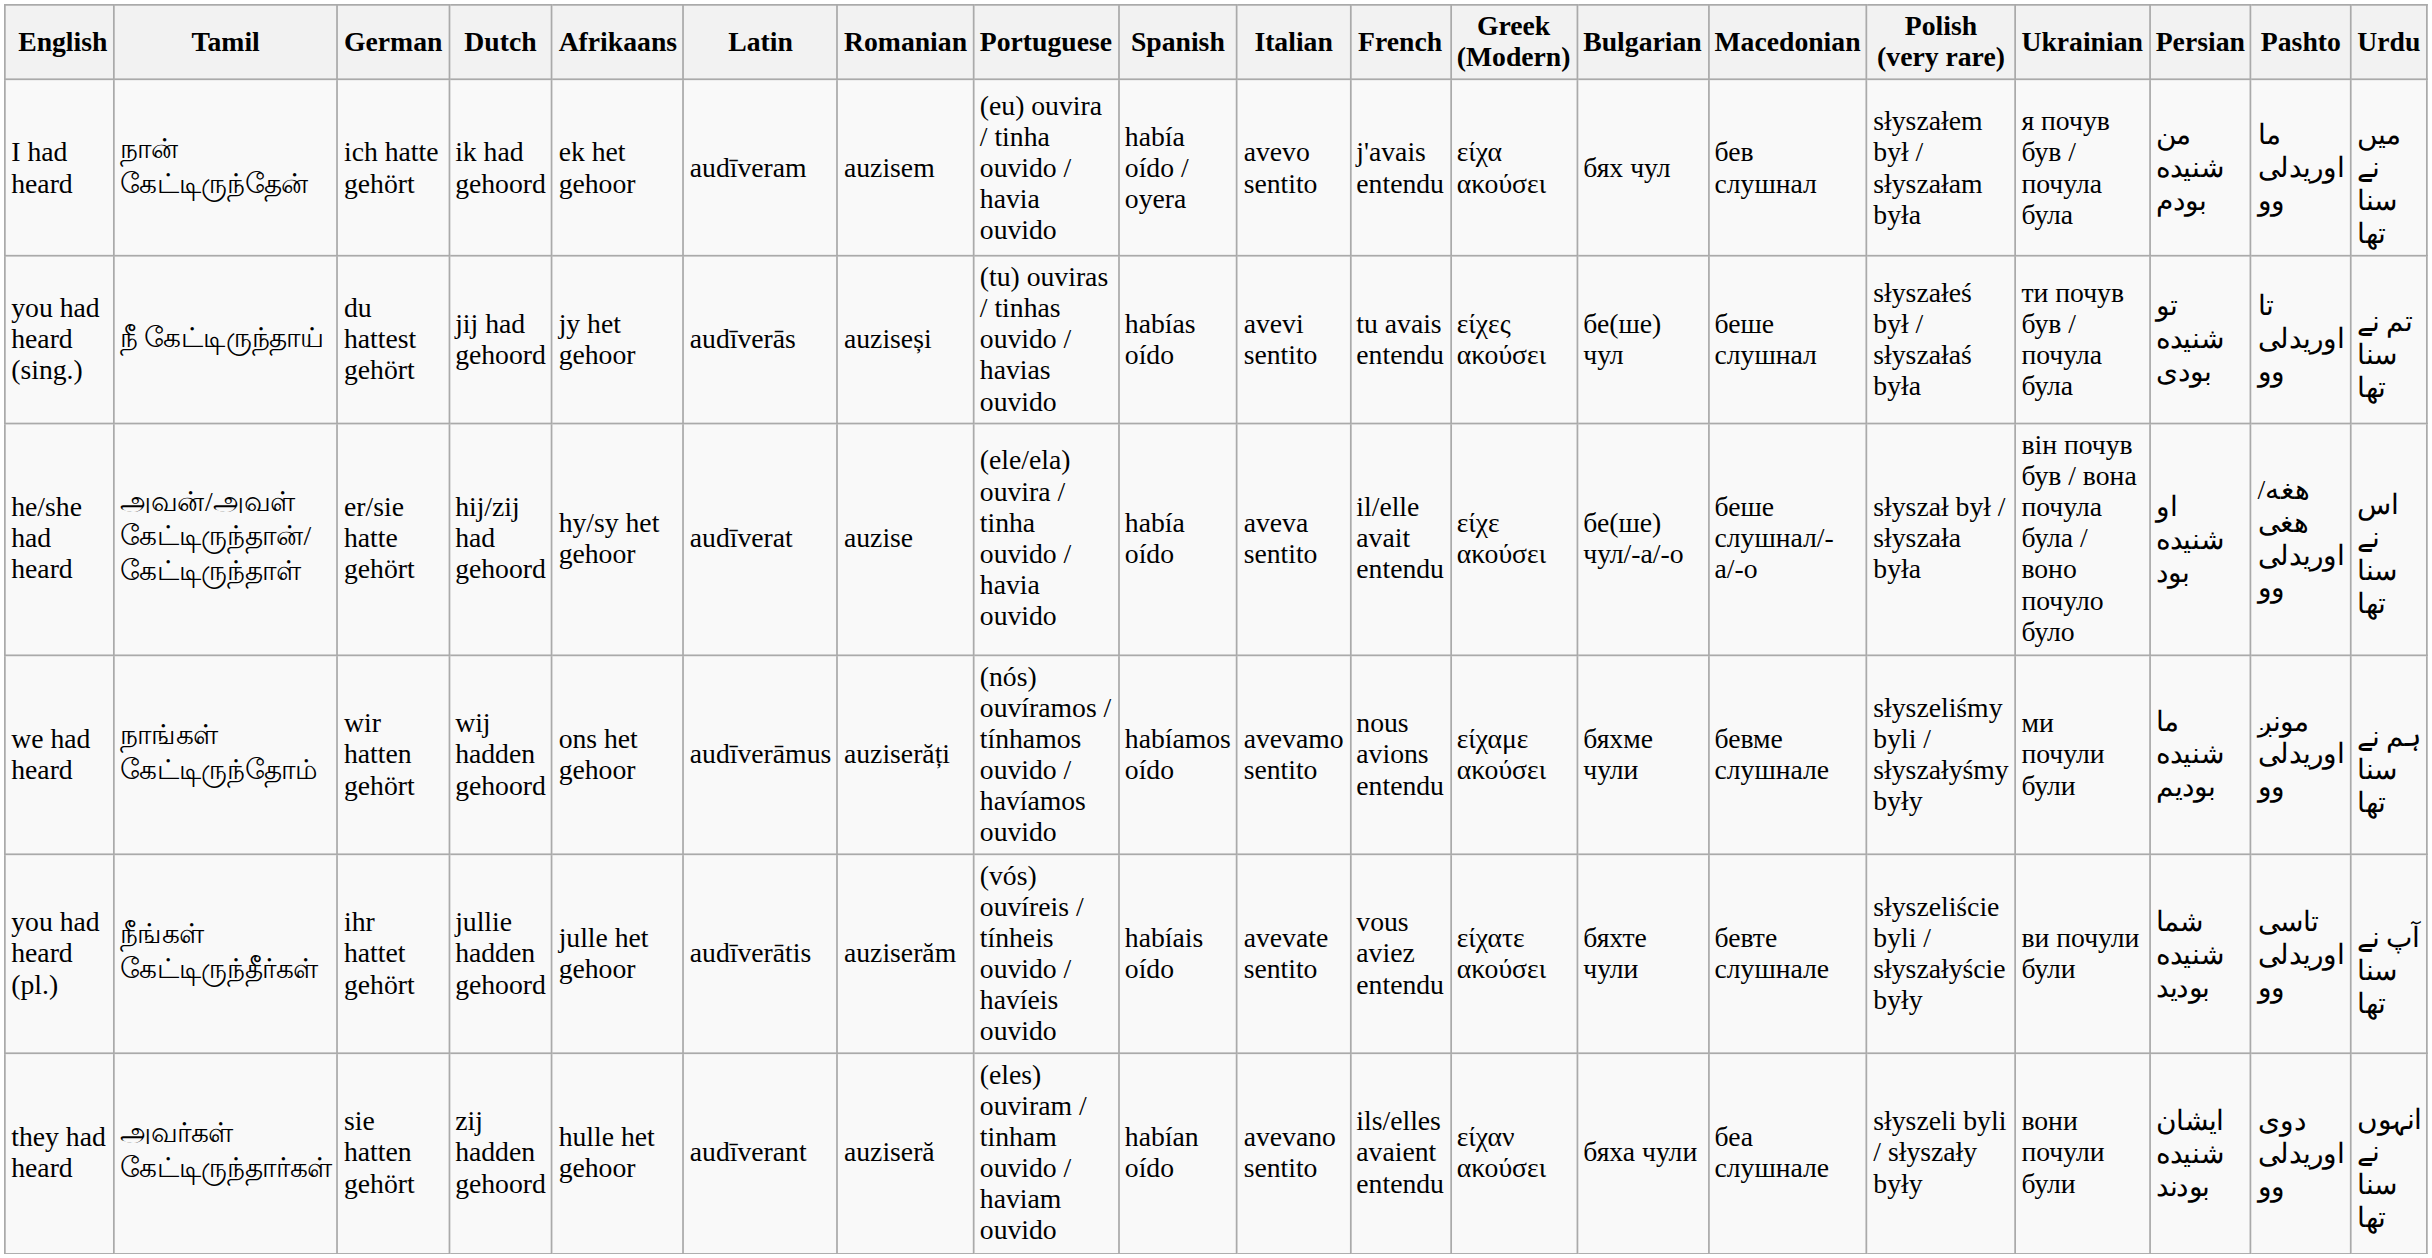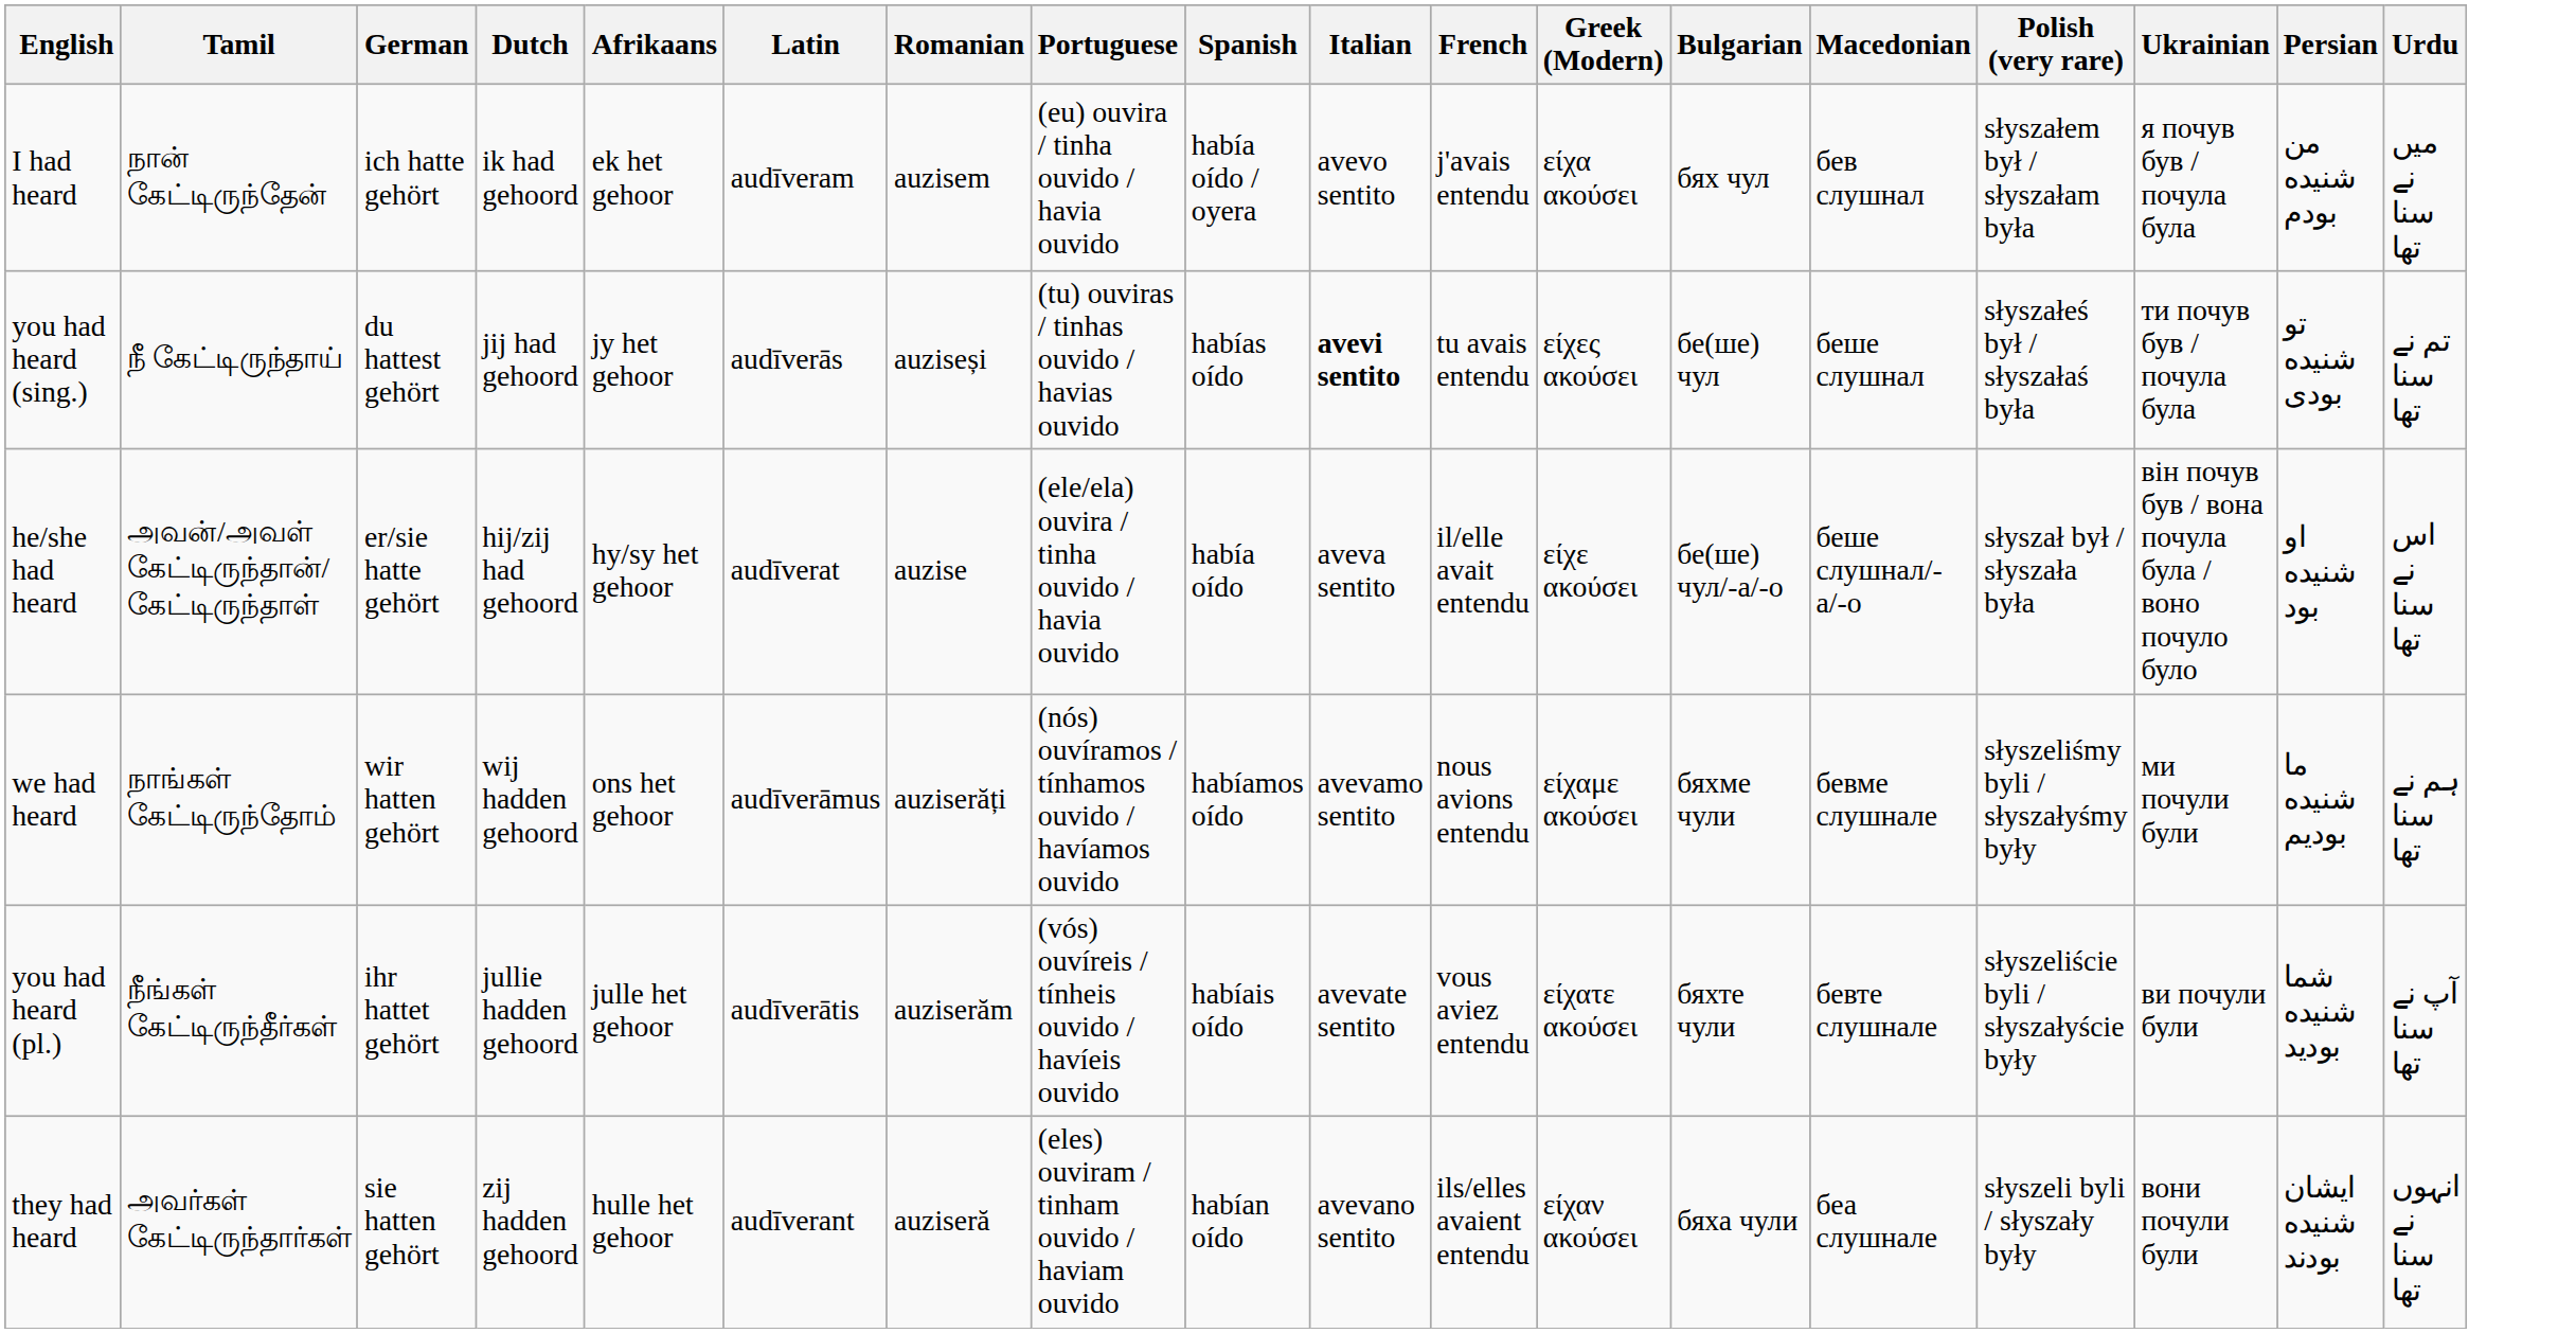 <table class="wikitable">
 <tr>
 <th> English</th>
 <th>Tamil</th>
 <th>German</th>
 <th>Dutch</th>
 <th>Afrikaans</th>
 <th>Latin</th>
 <th>Romanian</th>
 <th>Portuguese</th>
 <th>Spanish</th>
 <th>Italian</th>
 <th>French</th>
 <th>Greek (Modern)</th>
 <th>Bulgarian</th>
 <th>Macedonian</th>
 <th>Polish (very rare)</th>
 <th>Ukrainian</th>
 <th>Persian</th>
-<th>Pashto</th>
 <th>Urdu</th>
 </tr>
 <tr ->
 <td>I had heard</td>
 <td>நான் கேட்டிருந்தேன்</td>
 <td>ich hatte gehört</td>
 <td>ik had gehoord</td>
 <td>ek het gehoor</td>
 <td>audīveram</td>
 <td>auzisem</td>
 <td>(eu) ouvira / tinha ouvido / havia ouvido</td>
 <td>había oído / oyera</td>
 <td>avevo sentito</td>
 <td>j'avais entendu</td>
 <td>είχα ακούσει</td>
 <td>бях чул</td>
 <td>бев слушнал</td>
 <td>słyszałem był / słyszałam była</td>
 <td>я почув був / почула була</td>
 <td>من شنیده بودم</td>
-<td>ما اوریدلی وو</td>
 <td><br>میں نے سنا تھا</td>
 </tr>
 <tr ->
 <td>you had heard (sing.)</td>
 <td>நீ கேட்டிருந்தாய்</td>
 <td>du hattest gehört</td>
 <td>jij had gehoord</td>
 <td>jy het gehoor</td>
 <td>audīverās</td>
 <td>auziseși</td>
 <td>(tu) ouviras / tinhas ouvido / havias ouvido</td>
 <td>habías oído</td>
-<td>avevi sentito</td>
+<td><strong>avevi sentito</strong></td>
 <td>tu avais entendu</td>
 <td>είχες ακούσει</td>
 <td>бе(ше) чул</td>
 <td>беше слушнал</td>
 <td>słyszałeś był / słyszałaś była</td>
 <td>ти почув був / почула була</td>
 <td>تو شنیده بودی</td>
-<td>تا اوریدلی وو</td>
 <td><br>تم نے سنا تھا</td>
 </tr>
 <tr ->
 <td>he/she had heard</td>
 <td>அவன்/அவள் கேட்டிருந்தான்/கேட்டிருந்தாள்</td>
 <td>er/sie hatte gehört</td>
 <td>hij/zij had gehoord</td>
 <td>hy/sy het gehoor</td>
 <td>audīverat</td>
 <td>auzise</td>
 <td>(ele/ela) ouvira / tinha ouvido / havia ouvido</td>
 <td>había oído</td>
 <td>aveva sentito</td>
 <td>il/elle avait entendu</td>
 <td>είχε ακούσει</td>
 <td>бе(ше) чул/-а/-о</td>
 <td>беше слушнал/-а/-о</td>
 <td>słyszał był / słyszała była</td>
 <td>він почув був / вона почула була / воно почуло було</td>
 <td>او شنیده بود</td>
-<td>هغه/هغی اوریدلی وو</td>
 <td><br>اس نے سنا تھا</td>
 </tr>
 <tr ->
 <td>we had heard</td>
 <td>நாங்கள் கேட்டிருந்தோம்</td>
 <td>wir hatten gehört</td>
 <td>wij hadden gehoord</td>
 <td>ons het gehoor</td>
 <td>audīverāmus</td>
 <td>auziserăți</td>
 <td>(nós) ouvíramos / tínhamos ouvido / havíamos ouvido</td>
 <td>habíamos oído</td>
 <td>avevamo sentito</td>
 <td>nous avions entendu</td>
 <td>είχαμε ακούσει</td>
 <td>бяхме чули</td>
 <td>бевме слушнале</td>
 <td>słyszeliśmy byli / słyszałyśmy były</td>
 <td>ми почули були</td>
 <td>ما شنیده بودیم</td>
-<td>مونږ اوریدلی وو</td>
 <td><br>ہم نے سنا تھا</td>
 </tr>
 <tr ->
 <td>you had heard (pl.)</td>
 <td>நீங்கள் கேட்டிருந்தீர்கள்</td>
 <td>ihr hattet gehört</td>
 <td>jullie hadden gehoord</td>
 <td>julle het gehoor</td>
 <td>audīverātis</td>
 <td>auziserăm</td>
 <td>(vós) ouvíreis / tínheis ouvido / havíeis ouvido</td>
 <td>habíais oído</td>
 <td>avevate sentito</td>
 <td>vous aviez entendu</td>
 <td>είχατε ακούσει</td>
 <td>бяхте чули</td>
 <td>бевте слушнале</td>
 <td>słyszeliście byli / słyszałyście były</td>
 <td>ви почули були</td>
 <td>شما شنیده بودید</td>
-<td>تاسی اوریدلی وو</td>
 <td><br>آپ نے سنا تھا</td>
 </tr>
 <tr ->
 <td>they had heard</td>
 <td>அவர்கள் கேட்டிருந்தார்கள்</td>
 <td>sie hatten gehört</td>
 <td>zij hadden gehoord</td>
 <td>hulle het gehoor</td>
 <td>audīverant</td>
 <td>auziseră</td>
 <td>(eles) ouviram / tinham ouvido / haviam ouvido</td>
 <td>habían oído</td>
 <td>avevano sentito</td>
 <td>ils/elles avaient entendu</td>
 <td>είχαν ακούσει</td>
 <td>бяха чули</td>
 <td>беа слушнале</td>
 <td>słyszeli byli / słyszały były</td>
 <td>вони почули були</td>
 <td>ایشان شنیده بودند</td>
-<td>دوی اوریدلی وو</td>
 <td><br>انہوں نے سنا تھا</td>
 </tr>
 </table>
